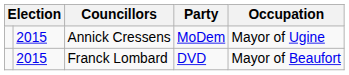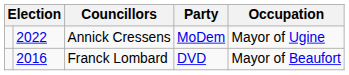 <table class="wikitable">
 <tr>
 <th colspan="2">Election</th>
 <th>Councillors</th>
 <th>Party</th>
 <th>Occupation</th>
 </tr>
 <tr>
 <td style="background-color: "></td>
-<td><a href='#'>2015</a></td>
+<td><a href='#'>2022</a></td>
 <td>Annick Cressens</td>
 <td><a href='#'>MoDem</a></td>
 <td>Mayor of <a href='#'>Ugine</a></td>
 </tr>
 <tr>
 <td style="background-color: "></td>
-<td><a href='#'>2015</a></td>
+<td><a href='#'>2016</a></td>
 <td>Franck Lombard</td>
 <td><a href='#'>DVD</a></td>
 <td>Mayor of <a href='#'>Beaufort</a></td>
 </tr>
 </table>
